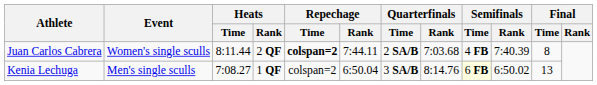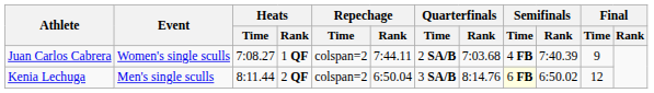 <table class="wikitable" style="font-size:90%">
 <tr>
 <th rowspan="2">Athlete</th>
 <th rowspan="2">Event</th>
 <th colspan="2">Heats</th>
 <th colspan="2">Repechage</th>
 <th colspan="2">Quarterfinals</th>
 <th colspan="2">Semifinals</th>
 <th colspan="2">Final</th>
 </tr>
 <tr style="font-size:95%">
 <th>Time</th>
 <th>Rank</th>
 <th>Time</th>
 <th>Rank</th>
 <th>Time</th>
 <th>Rank</th>
 <th>Time</th>
 <th>Rank</th>
 <th>Time</th>
 <th>Rank</th>
 </tr>
 <tr align=center>
 <td align=left><a href='#'>Juan Carlos Cabrera</a></td>
 <td align=left><a href='#'>Women's single sculls</a></td>
-<td>8:11.44</td>
-<td>2 <strong>QF</strong></td>
-<td><strong>colspan=2 </strong></td>
+<td>7:08.27</td>
+<td>1 <strong>QF</strong></td>
+<td>colspan=2 </td>
 <td>7:44.11</td>
 <td>2 <strong>SA/B</strong></td>
 <td>7:03.68</td>
 <td>4 <strong>FB</strong></td>
 <td>7:40.39</td>
-<td>8</td>
+<td>9</td>
 </tr>
 <tr align=center>
 <td align=left><a href='#'>Kenia Lechuga</a></td>
 <td align=left><a href='#'>Men's single sculls</a></td>
-<td>7:08.27</td>
-<td>1 <strong>QF</strong></td>
+<td>8:11.44</td>
+<td>2 <strong>QF</strong></td>
 <td>colspan=2 </td>
 <td>6:50.04</td>
 <td>3 <strong>SA/B</strong></td>
 <td>8:14.76</td>
 <td style="background: lightyellow;">6 <strong>FB</strong></td>
 <td>6:50.02</td>
-<td>13</td>
+<td>12</td>
 </tr>
 </table>
